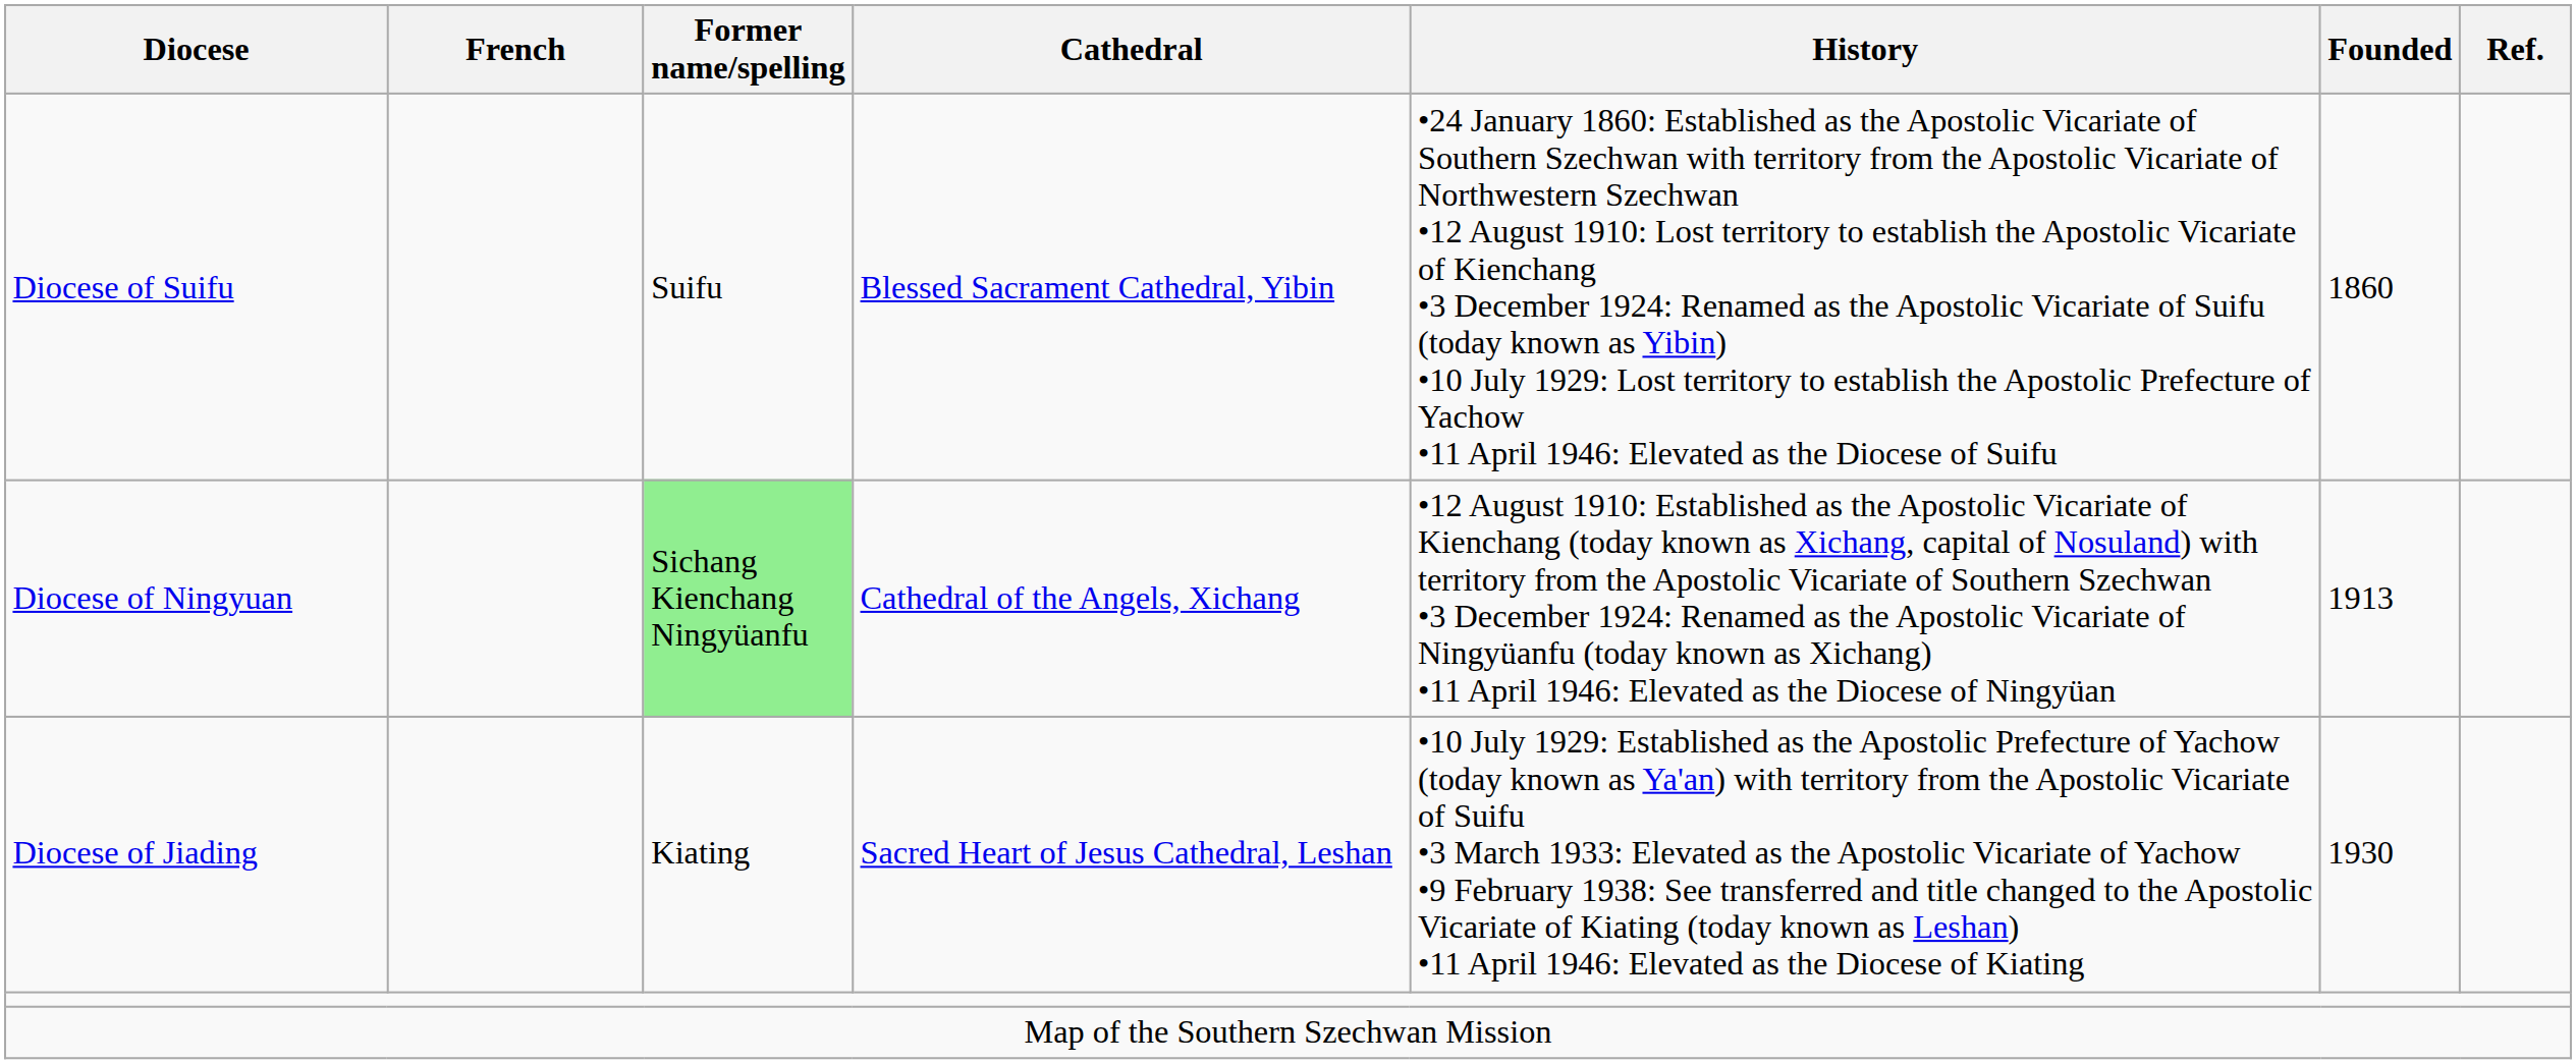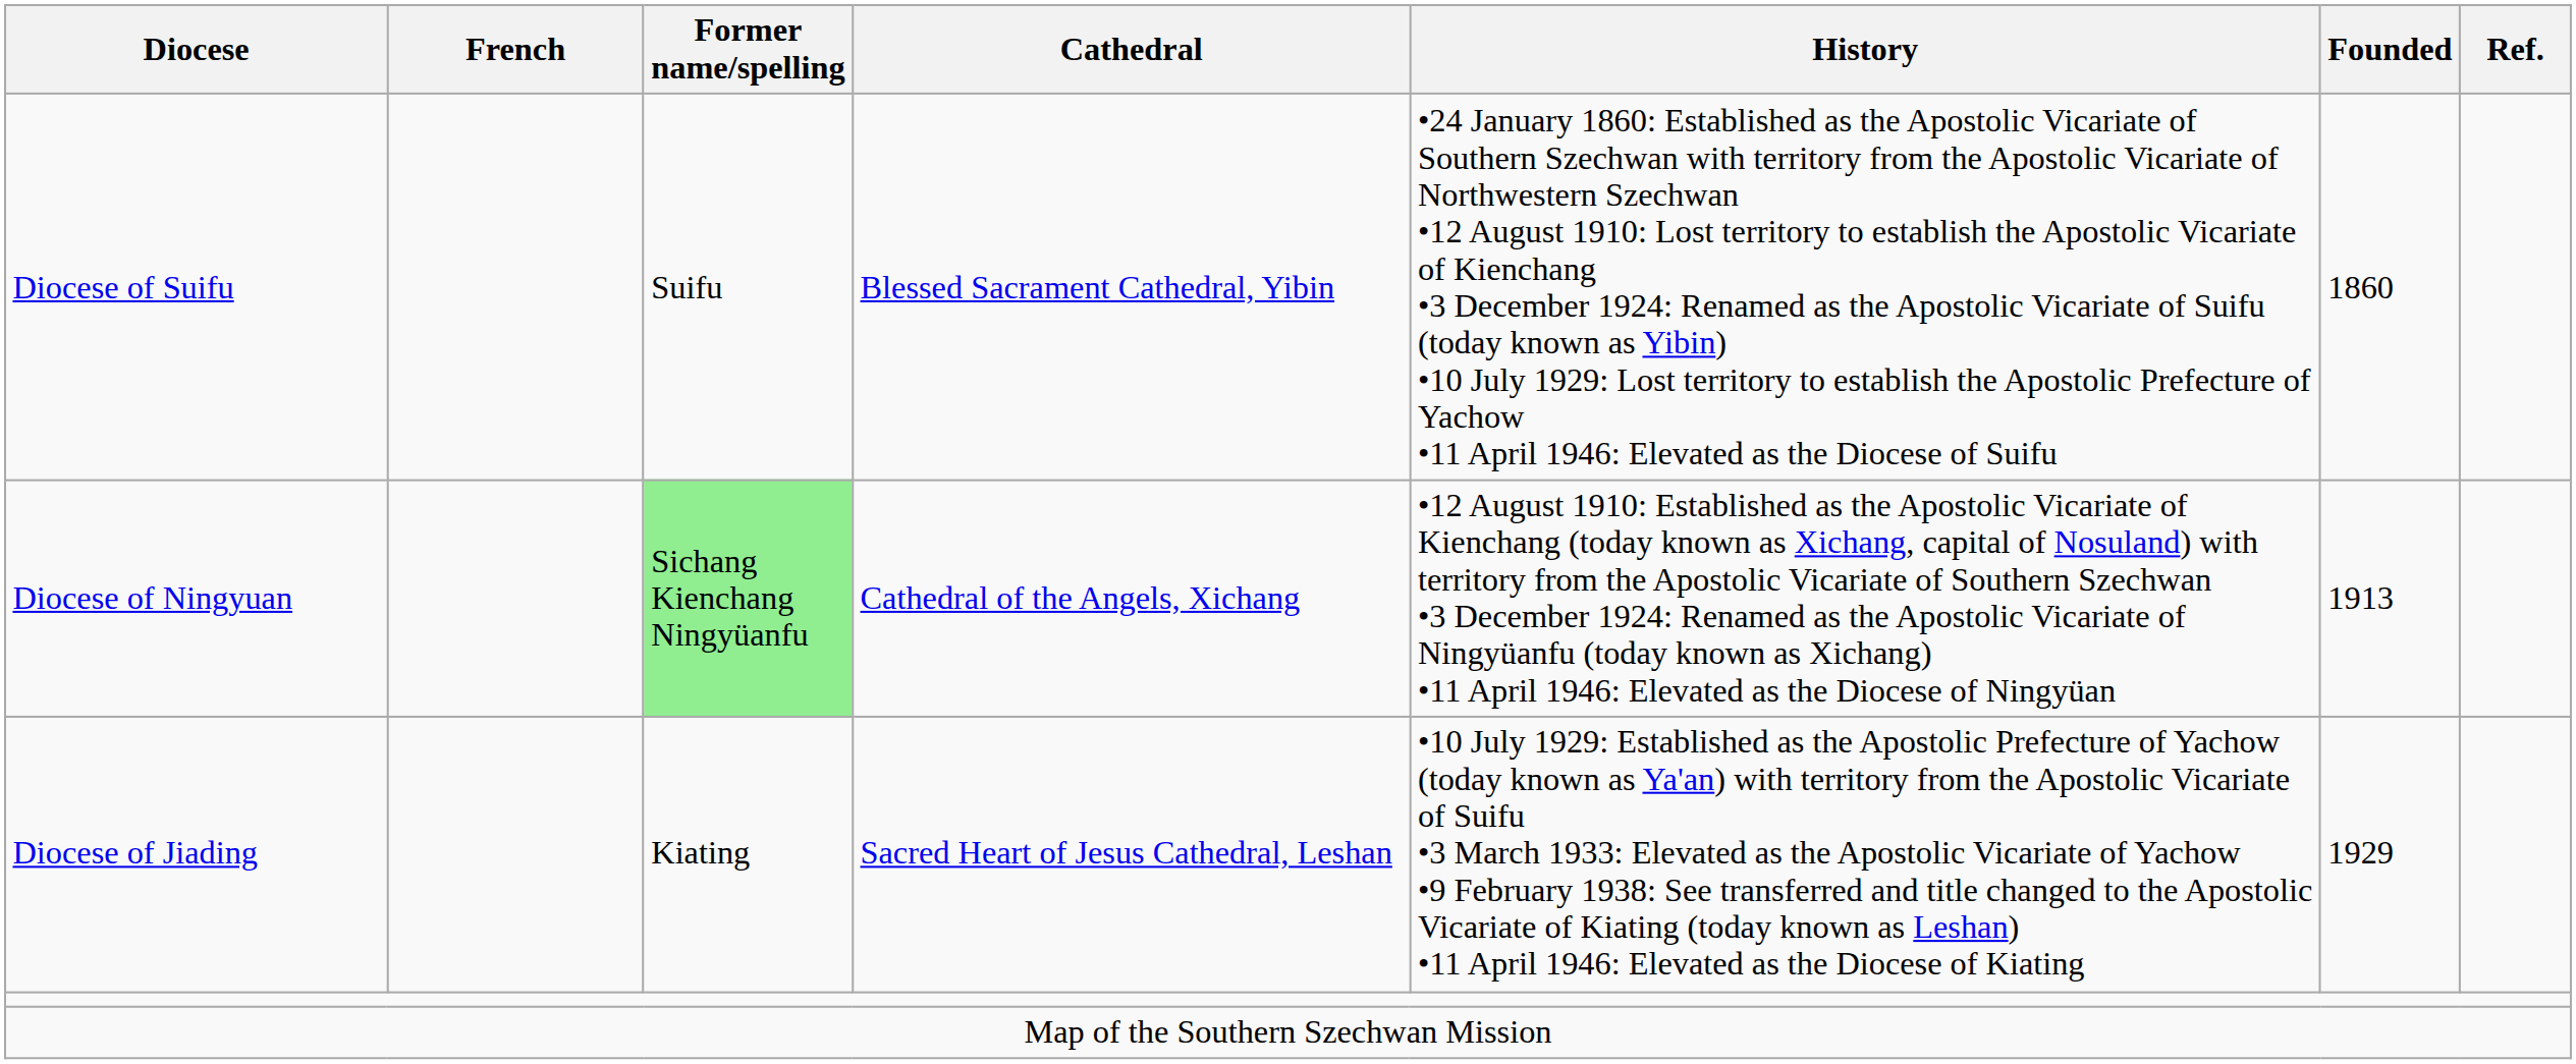 <table class=wikitable>
 <tr>
 <th scope="col" width="200">Diocese</th>
 <th scope="col" width="130">French</th>
 <th scope="col" width="50">Former name/spelling</th>
 <th scope="col" width="300">Cathedral</th>
 <th scope="col" width="500">History</th>
 <th scope="col" width="50">Founded</th>
 <th scope="col" width="50">Ref.</th>
 </tr>
 <tr>
 <td><a href='#'>Diocese of Suifu</a><br></td>
 <td><br><br></td>
 <td>Suifu</td>
 <td><a href='#'>Blessed Sacrament Cathedral, Yibin</a></td>
 <td>•24 January 1860: Established as the Apostolic Vicariate of Southern Szechwan with territory from the Apostolic Vicariate of Northwestern Szechwan<br>•12 August 1910: Lost territory to establish the Apostolic Vicariate of Kienchang<br> •3 December 1924: Renamed as the Apostolic Vicariate of Suifu (today known as <a href='#'>Yibin</a>)<br> •10 July 1929: Lost territory to establish the Apostolic Prefecture of Yachow<br> •11 April 1946: Elevated as the Diocese of Suifu</td>
 <td>1860</td>
 <td></td>
 </tr>
 <tr>
 <td><a href='#'>Diocese of Ningyuan</a><br></td>
 <td><br><br></td>
 <td style="background: lightgreen;">Sichang<br>Kienchang<br>Ningyüanfu</td>
 <td><a href='#'>Cathedral of the Angels, Xichang</a></td>
 <td>•12 August 1910: Established as the Apostolic Vicariate of Kienchang (today known as <a href='#'>Xichang</a>, capital of <a href='#'>Nosuland</a>) with territory from the Apostolic Vicariate of Southern Szechwan<br>•3 December 1924: Renamed as the Apostolic Vicariate of Ningyüanfu (today known as Xichang)<br> •11 April 1946: Elevated as the Diocese of Ningyüan</td>
 <td>1913</td>
 <td></td>
 </tr>
 <tr>
 <td><a href='#'>Diocese of Jiading</a><br></td>
 <td></td>
 <td>Kiating</td>
 <td><a href='#'>Sacred Heart of Jesus Cathedral, Leshan</a></td>
 <td>•10 July 1929: Established as the Apostolic Prefecture of Yachow (today known as <a href='#'>Ya'an</a>) with territory from the Apostolic Vicariate of Suifu<br>•3 March 1933: Elevated as the Apostolic Vicariate of Yachow<br> •9 February 1938: See transferred and title changed to the Apostolic Vicariate of Kiating (today known as <a href='#'>Leshan</a>)<br> •11 April 1946: Elevated as the Diocese of Kiating</td>
-<td>1930</td>
+<td>1929</td>
 <td></td>
 </tr>
 <tr>
 <td colspan=7></td>
 </tr>
 <tr>
 <td colspan=7 style="text-align:center;">Map of the Southern Szechwan Mission</td>
 </tr>
 </table>
